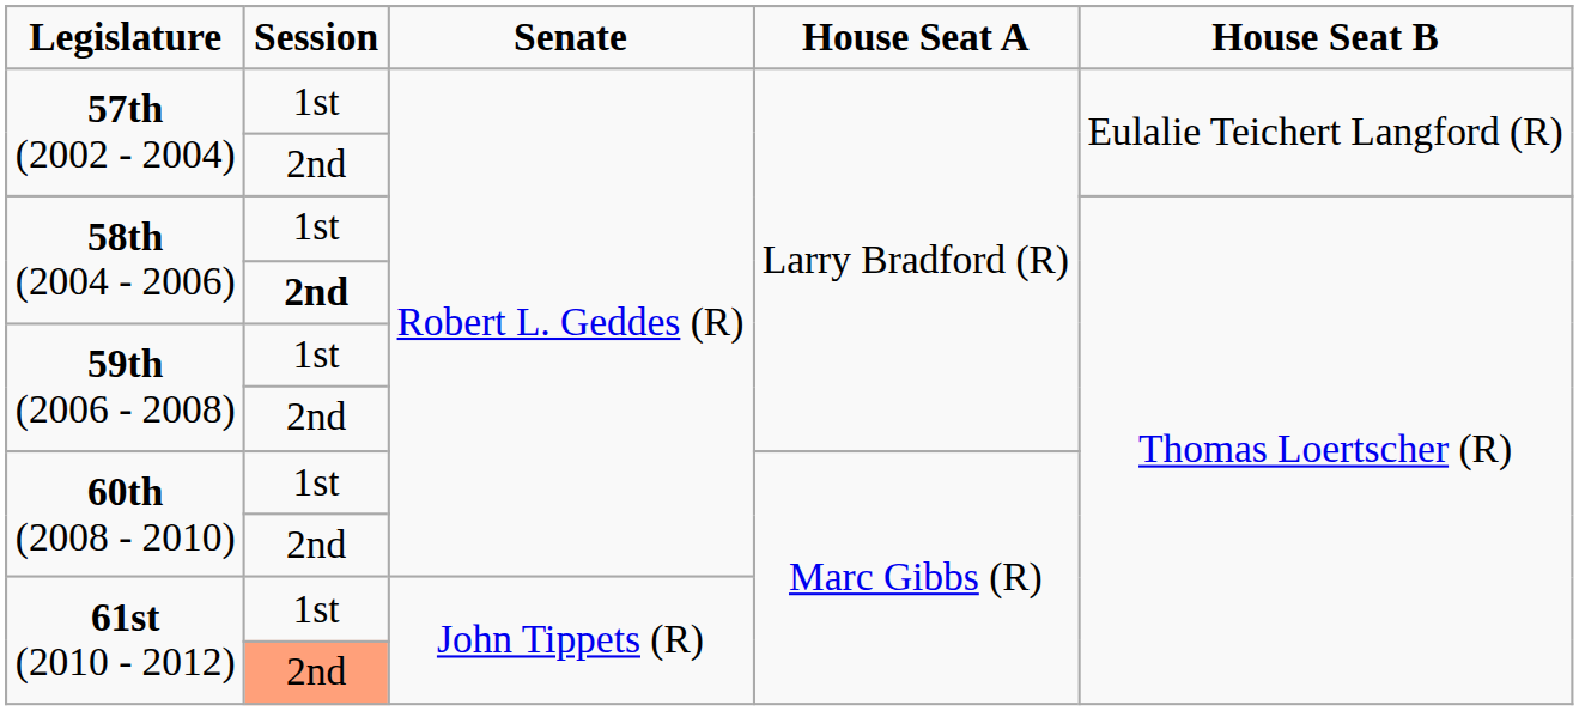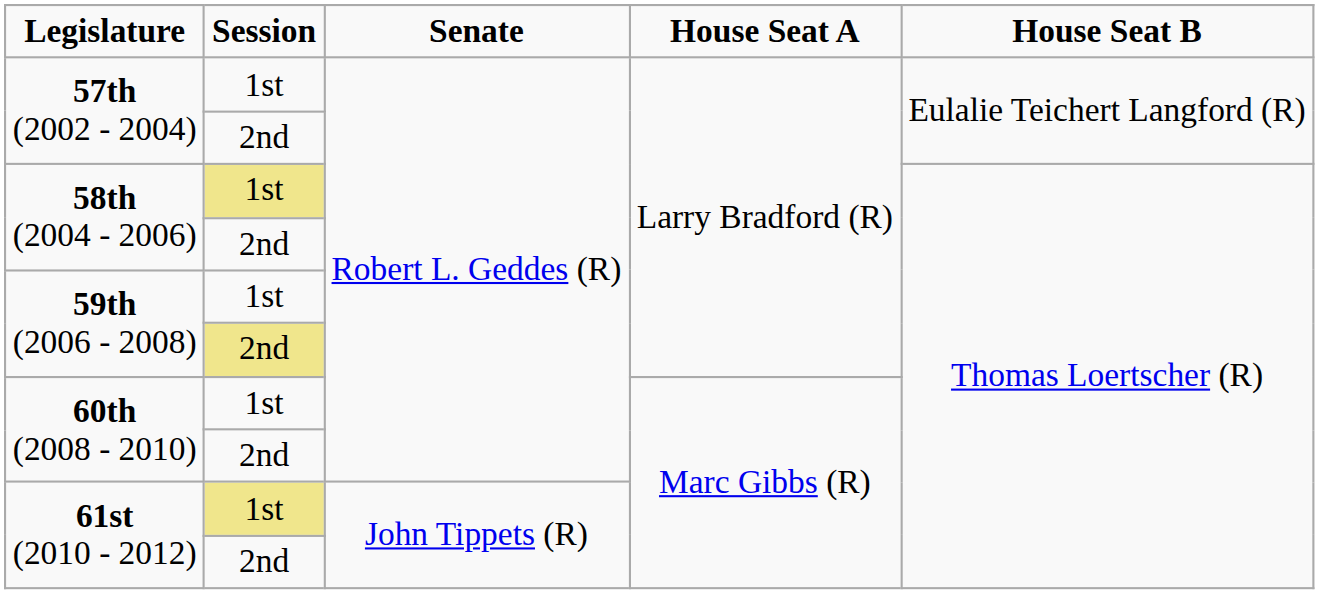 <table class=wikitable style="text-align:center">
 <tr>
 <td><strong>Legislature</strong></td>
 <td><strong>Session</strong></td>
 <td><strong>Senate</strong></td>
 <td><strong>House Seat A</strong></td>
 <td><strong>House Seat B</strong></td>
 </tr>
 <tr>
 <td rowspan="2" colspan="1" style="text-align: center;"><strong>57th</strong> <br> (2002 - 2004)</td>
 <td>1st</td>
 <td rowspan="8" colspan="1" style="text-align: center;" ><a href='#'>Robert L. Geddes</a> (R)</td>
 <td rowspan="6" colspan="1" style="text-align: center;" >Larry Bradford (R)</td>
 <td rowspan="2" colspan="1" style="text-align: center;" >Eulalie Teichert Langford (R)</td>
 </tr>
 <tr>
 <td>2nd</td>
 </tr>
 <tr>
 <td rowspan="2" colspan="1" style="text-align: center;"><strong>58th</strong> <br> (2004 - 2006)</td>
-<td>1st</td>
+<td style="background: khaki;">1st</td>
 <td rowspan="8" colspan="1" style="text-align: center;" ><a href='#'>Thomas Loertscher</a> (R)</td>
 </tr>
 <tr>
-<td><strong>2nd</strong></td>
+<td>2nd</td>
 </tr>
 <tr>
 <td rowspan="2" colspan="1" style="text-align: center;"><strong>59th</strong> <br> (2006 - 2008)</td>
 <td>1st</td>
 </tr>
 <tr>
-<td>2nd</td>
+<td style="background: khaki;">2nd</td>
 </tr>
 <tr>
 <td rowspan="2" colspan="1" style="text-align: center;"><strong>60th</strong> <br> (2008 - 2010)</td>
 <td>1st</td>
 <td rowspan="4" colspan="1" style="text-align: center;" ><a href='#'>Marc Gibbs</a> (R)</td>
 </tr>
 <tr>
 <td>2nd</td>
 </tr>
 <tr>
 <td rowspan="2" colspan="1" style="text-align: center;"><strong>61st</strong> <br> (2010 - 2012)</td>
-<td>1st</td>
+<td style="background: khaki;">1st</td>
 <td rowspan="2" colspan="1" style="text-align: center;" ><a href='#'>John Tippets</a> (R)</td>
 </tr>
 <tr>
-<td style="background: lightsalmon;">2nd</td>
+<td>2nd</td>
 </tr>
 </table>
